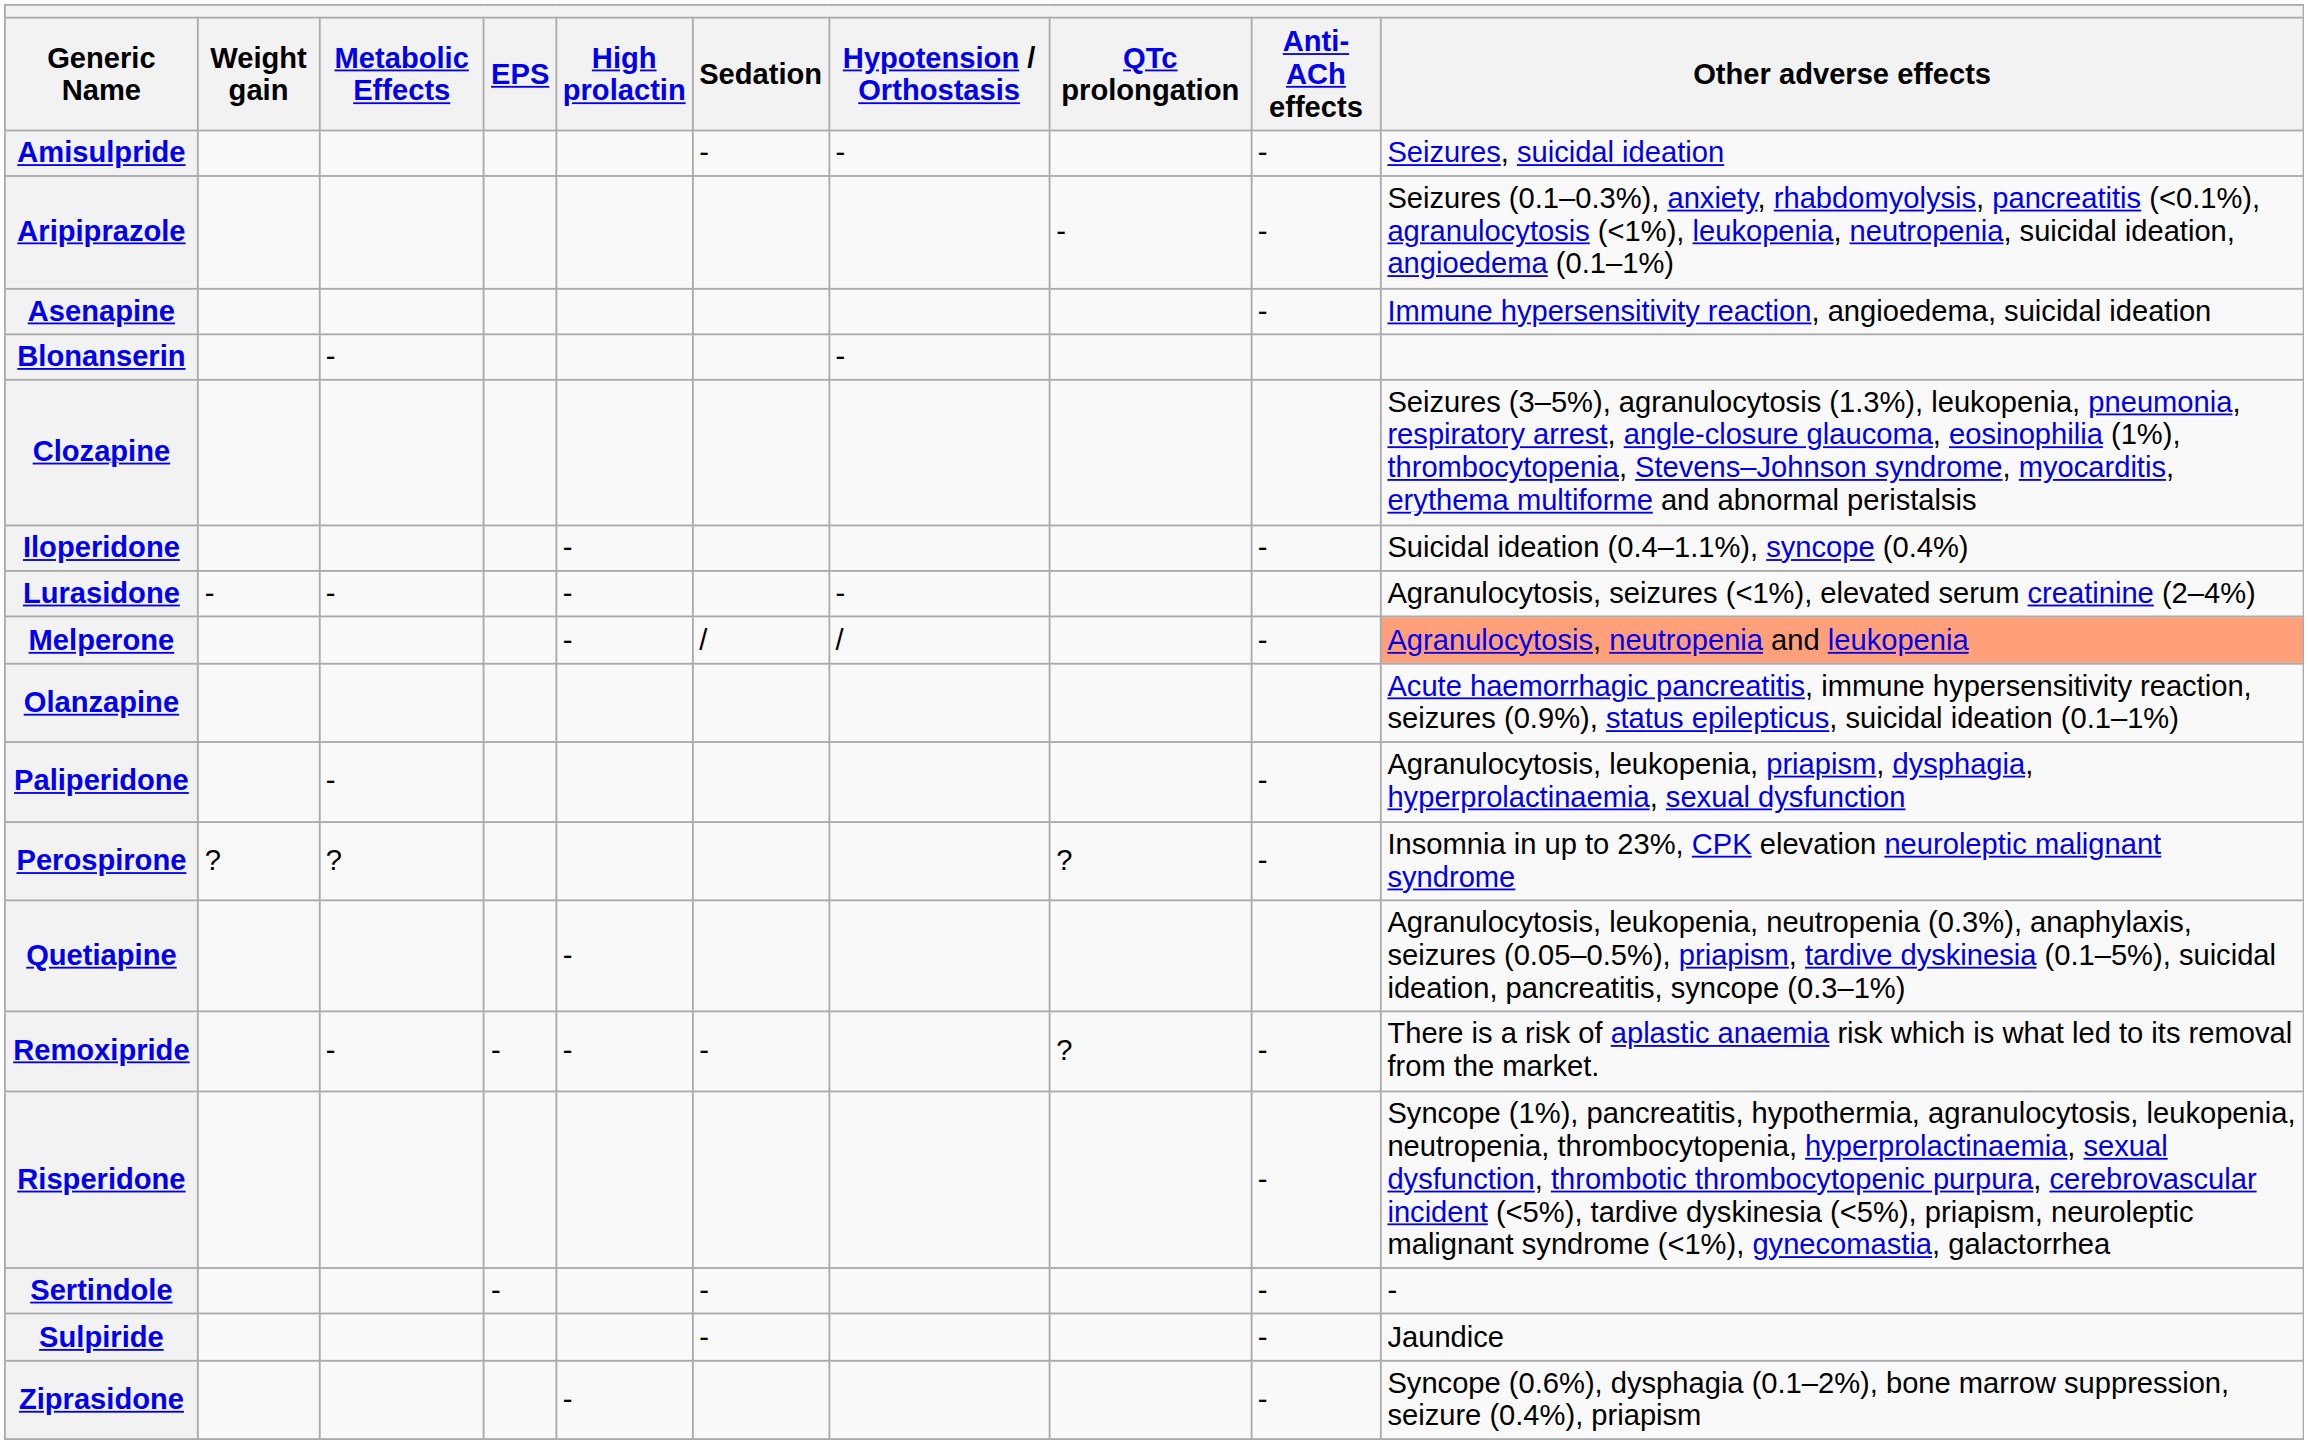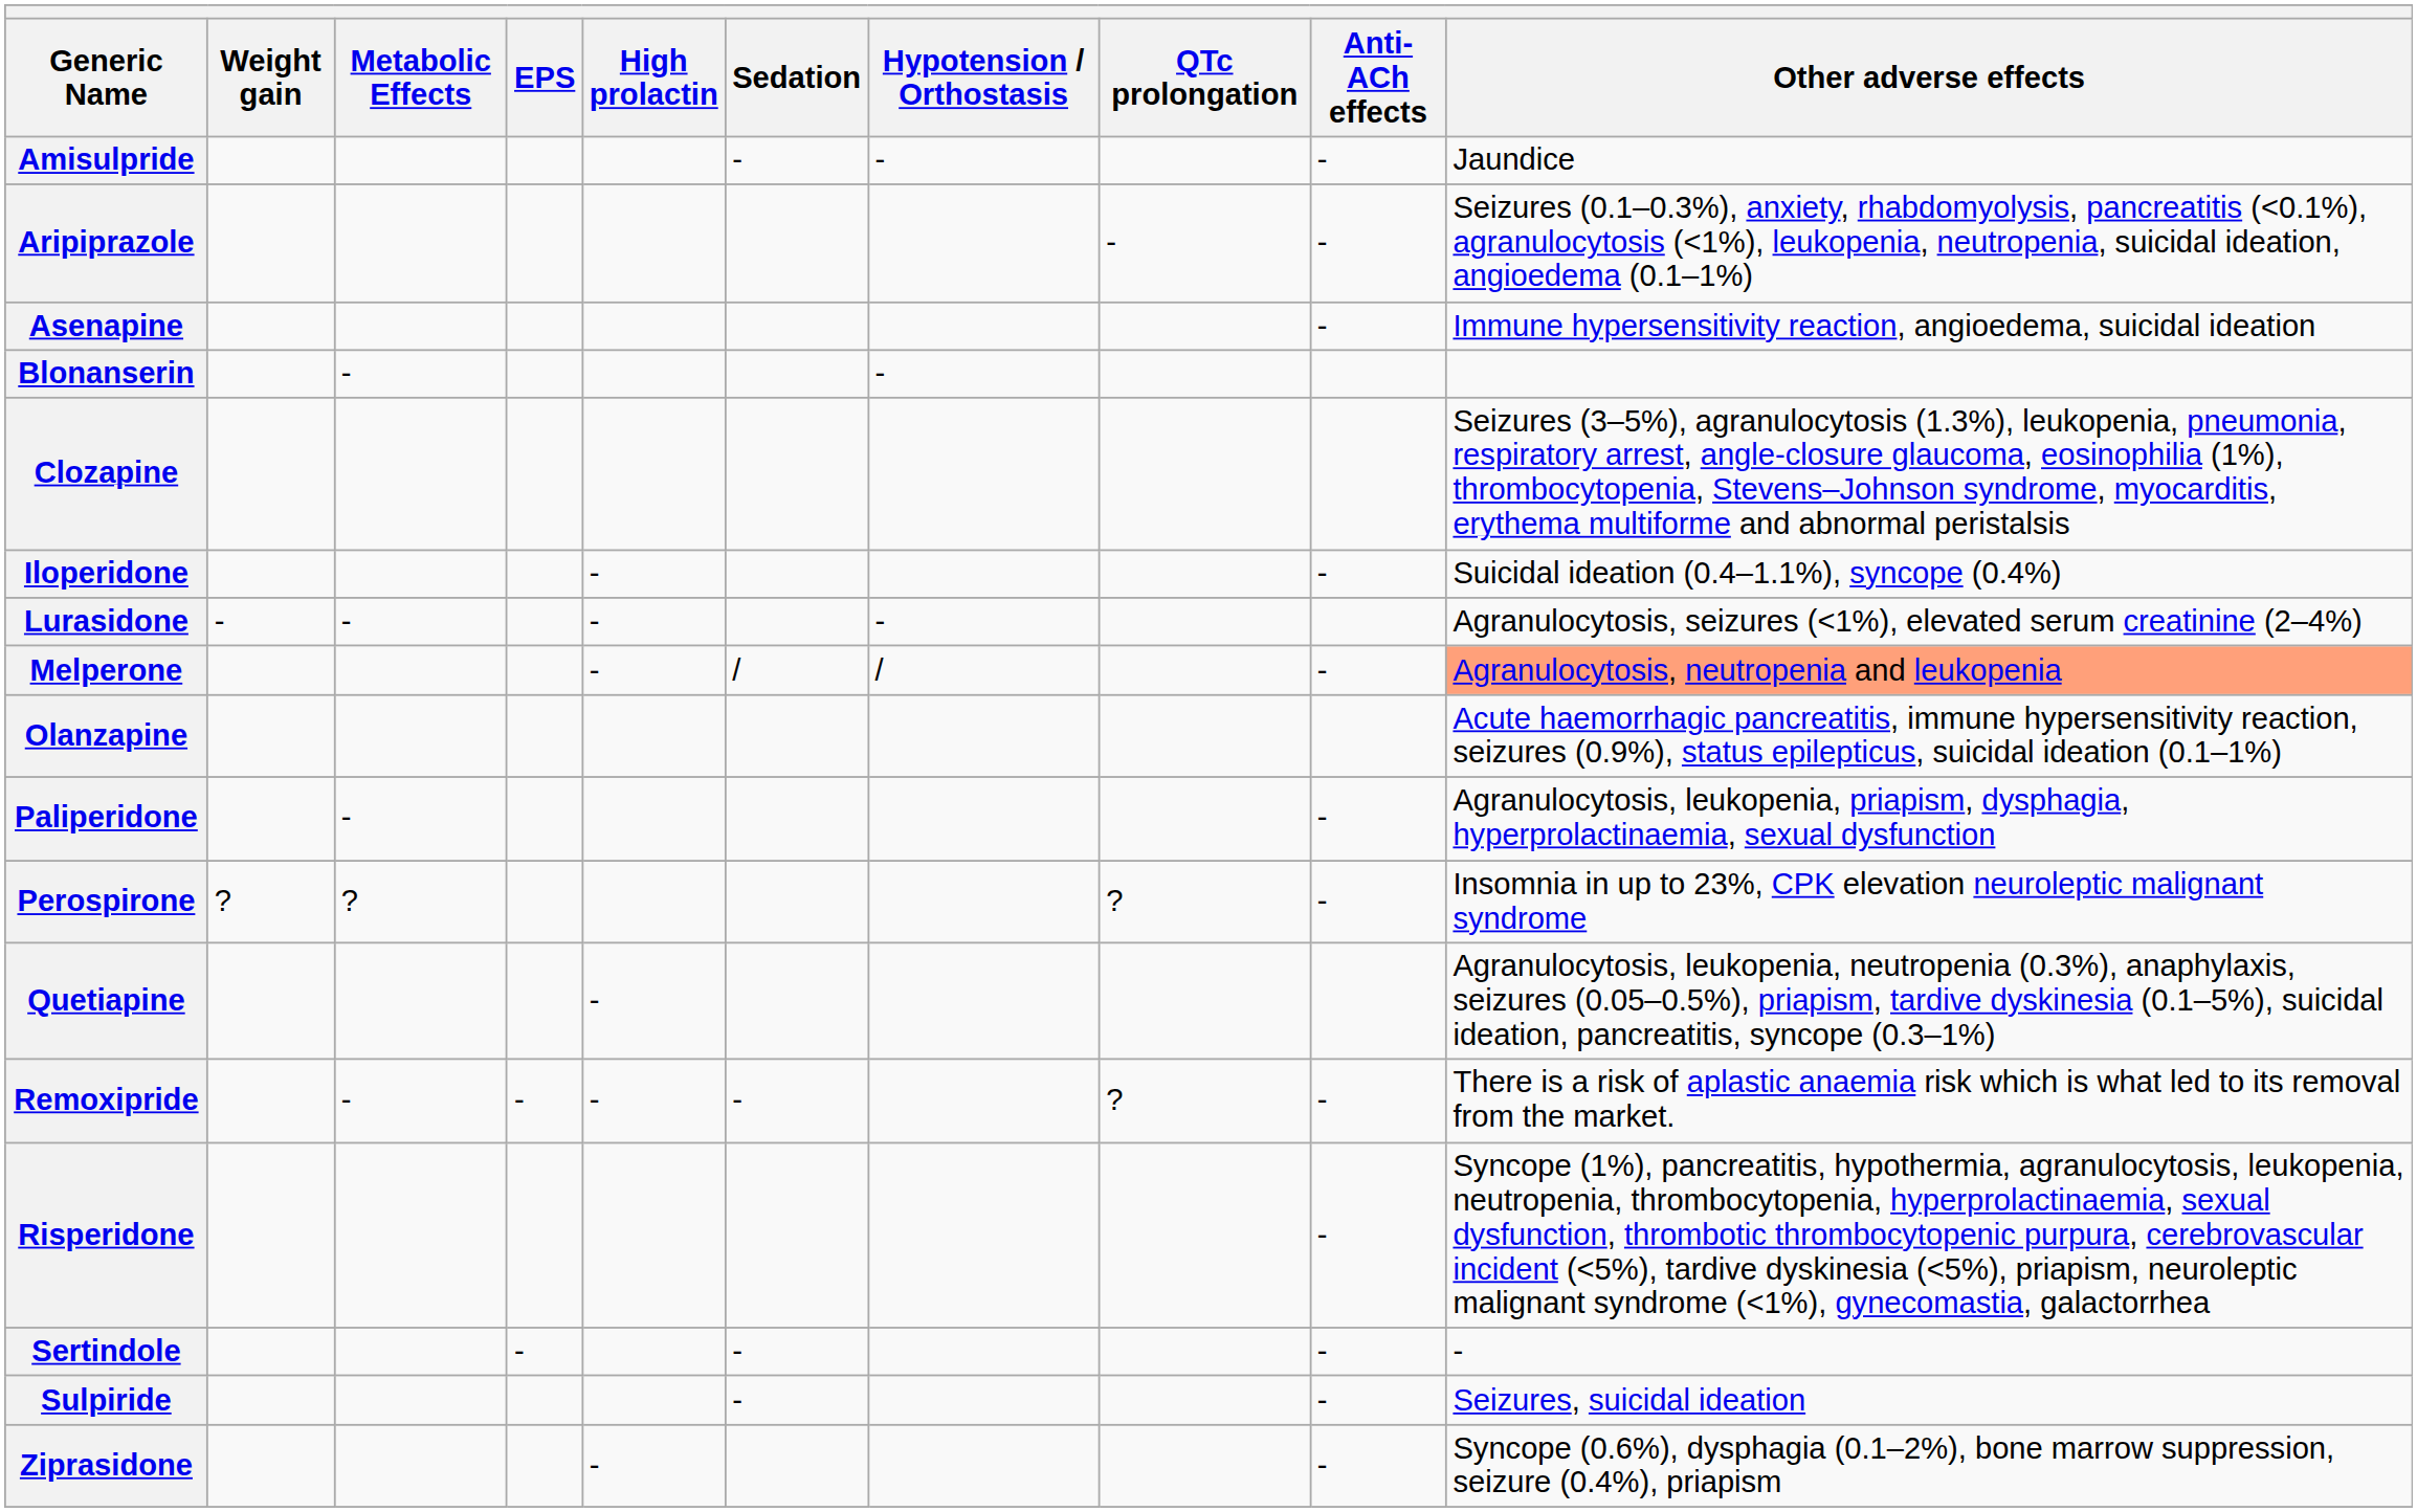 <table class="wikitable collapsible collapsed" style="width:100%;">
 <tr>
 <th colspan=15></th>
 </tr>
 <tr>
 <th>Generic Name</th>
 <th>Weight gain</th>
 <th><a href='#'>Metabolic Effects</a></th>
 <th><a href='#'>EPS</a></th>
 <th><a href='#'>High <br>prolactin</a></th>
 <th>Sedation</th>
 <th><a href='#'>Hypotension</a> / <a href='#'>Orthostasis</a></th>
 <th><a href='#'>QTc</a> prolongation</th>
 <th><a href='#'>Anti-ACh</a> effects</th>
 <th>Other adverse effects</th>
 </tr>
 <tr>
 <th><a href='#'>Amisulpride</a></th>
 <td></td>
 <td></td>
 <td></td>
 <td></td>
 <td>-</td>
 <td>-</td>
 <td></td>
 <td>-</td>
-<td><a href='#'>Seizures</a>, <a href='#'>suicidal ideation</a></td>
+<td>Jaundice</td>
 </tr>
 <tr>
 <th><a href='#'>Aripiprazole</a></th>
 <td></td>
 <td></td>
 <td></td>
 <td></td>
 <td></td>
 <td></td>
 <td>-</td>
 <td>-</td>
 <td>Seizures (0.1–0.3%), <a href='#'>anxiety</a>, <a href='#'>rhabdomyolysis</a>, <a href='#'>pancreatitis</a> (<0.1%), <a href='#'>agranulocytosis</a> (<1%), <a href='#'>leukopenia</a>, <a href='#'>neutropenia</a>, suicidal ideation, <a href='#'>angioedema</a> (0.1–1%)</td>
 </tr>
 <tr>
 <th><a href='#'>Asenapine</a></th>
 <td></td>
 <td></td>
 <td></td>
 <td></td>
 <td></td>
 <td></td>
 <td></td>
 <td>-</td>
 <td><a href='#'>Immune hypersensitivity reaction</a>, angioedema, suicidal ideation</td>
 </tr>
 <tr>
 <th><a href='#'>Blonanserin</a></th>
 <td></td>
 <td>-</td>
 <td></td>
 <td></td>
 <td></td>
 <td>-</td>
 <td></td>
 <td></td>
 <td></td>
 </tr>
 <tr>
 <th><a href='#'>Clozapine</a></th>
 <td></td>
 <td></td>
 <td></td>
 <td></td>
 <td></td>
 <td></td>
 <td></td>
 <td></td>
 <td>Seizures (3–5%), agranulocytosis (1.3%), leukopenia, <a href='#'>pneumonia</a>, <a href='#'>respiratory arrest</a>, <a href='#'>angle-closure glaucoma</a>, <a href='#'>eosinophilia</a> (1%), <a href='#'>thrombocytopenia</a>, <a href='#'>Stevens–Johnson syndrome</a>, <a href='#'>myocarditis</a>, <a href='#'>erythema multiforme</a> and abnormal peristalsis</td>
 </tr>
 <tr>
 <th><a href='#'>Iloperidone</a></th>
 <td></td>
 <td></td>
 <td></td>
 <td>-</td>
 <td></td>
 <td></td>
 <td></td>
 <td>-</td>
 <td>Suicidal ideation (0.4–1.1%), <a href='#'>syncope</a> (0.4%)</td>
 </tr>
 <tr>
 <th><a href='#'>Lurasidone</a></th>
 <td>-</td>
 <td>-</td>
 <td></td>
 <td>-</td>
 <td></td>
 <td>-</td>
 <td></td>
 <td></td>
 <td>Agranulocytosis, seizures (<1%), elevated serum <a href='#'>creatinine</a> (2–4%)</td>
 </tr>
 <tr>
 <th><a href='#'>Melperone</a></th>
 <td></td>
 <td></td>
 <td></td>
 <td>-</td>
 <td>/</td>
 <td>/</td>
 <td></td>
 <td>-</td>
 <td style="background: lightsalmon;"><a href='#'>Agranulocytosis</a>, <a href='#'>neutropenia</a> and <a href='#'>leukopenia</a></td>
 </tr>
 <tr>
 <th><a href='#'>Olanzapine</a></th>
 <td></td>
 <td></td>
 <td></td>
 <td></td>
 <td></td>
 <td></td>
 <td></td>
 <td></td>
 <td><a href='#'>Acute haemorrhagic pancreatitis</a>, immune hypersensitivity reaction, seizures (0.9%), <a href='#'>status epilepticus</a>, suicidal ideation (0.1–1%)</td>
 </tr>
 <tr>
 <th><a href='#'>Paliperidone</a></th>
 <td></td>
 <td>-</td>
 <td></td>
 <td></td>
 <td></td>
 <td></td>
 <td></td>
 <td>-</td>
 <td>Agranulocytosis, leukopenia, <a href='#'>priapism</a>, <a href='#'>dysphagia</a>, <a href='#'>hyperprolactinaemia</a>, <a href='#'>sexual dysfunction</a></td>
 </tr>
 <tr>
 <th><a href='#'>Perospirone</a></th>
 <td>?</td>
 <td>?</td>
 <td></td>
 <td></td>
 <td></td>
 <td></td>
 <td>?</td>
 <td>-</td>
 <td>Insomnia in up to 23%, <a href='#'>CPK</a> elevation <a href='#'>neuroleptic malignant syndrome</a></td>
 </tr>
 <tr>
 <th><a href='#'>Quetiapine</a></th>
 <td></td>
 <td></td>
 <td></td>
 <td>-</td>
 <td></td>
 <td></td>
 <td></td>
 <td></td>
 <td>Agranulocytosis, leukopenia, neutropenia (0.3%), anaphylaxis, seizures (0.05–0.5%), <a href='#'>priapism</a>, <a href='#'>tardive dyskinesia</a> (0.1–5%), suicidal ideation, pancreatitis, syncope (0.3–1%)</td>
 </tr>
 <tr>
 <th><a href='#'>Remoxipride</a></th>
 <td></td>
 <td>-</td>
 <td>-</td>
 <td>-</td>
 <td>-</td>
 <td></td>
 <td>?</td>
 <td>-</td>
 <td>There is a risk of <a href='#'>aplastic anaemia</a> risk which is what led to its removal from the market.</td>
 </tr>
 <tr>
 <th><a href='#'>Risperidone</a></th>
 <td></td>
 <td></td>
 <td></td>
 <td></td>
 <td></td>
 <td></td>
 <td></td>
 <td>-</td>
 <td>Syncope (1%), pancreatitis, hypothermia, agranulocytosis, leukopenia, neutropenia, thrombocytopenia, <a href='#'>hyperprolactinaemia</a>, <a href='#'>sexual dysfunction</a>, <a href='#'>thrombotic thrombocytopenic purpura</a>, <a href='#'>cerebrovascular incident</a> (<5%), tardive dyskinesia (<5%), priapism, neuroleptic malignant syndrome (<1%), <a href='#'>gynecomastia</a>, galactorrhea</td>
 </tr>
 <tr>
 <th><a href='#'>Sertindole</a></th>
 <td></td>
 <td></td>
 <td>-</td>
 <td></td>
 <td>-</td>
 <td></td>
 <td></td>
 <td>-</td>
 <td>-</td>
 </tr>
 <tr>
 <th><a href='#'>Sulpiride</a></th>
 <td></td>
 <td></td>
 <td></td>
 <td></td>
 <td>-</td>
 <td></td>
 <td></td>
 <td>-</td>
-<td>Jaundice</td>
+<td><a href='#'>Seizures</a>, <a href='#'>suicidal ideation</a></td>
 </tr>
 <tr>
 <th><a href='#'>Ziprasidone</a></th>
 <td></td>
 <td></td>
 <td></td>
 <td>-</td>
 <td></td>
 <td></td>
 <td></td>
 <td>-</td>
 <td>Syncope (0.6%), dysphagia (0.1–2%), bone marrow suppression, seizure (0.4%), priapism</td>
 </tr>
 </table>
